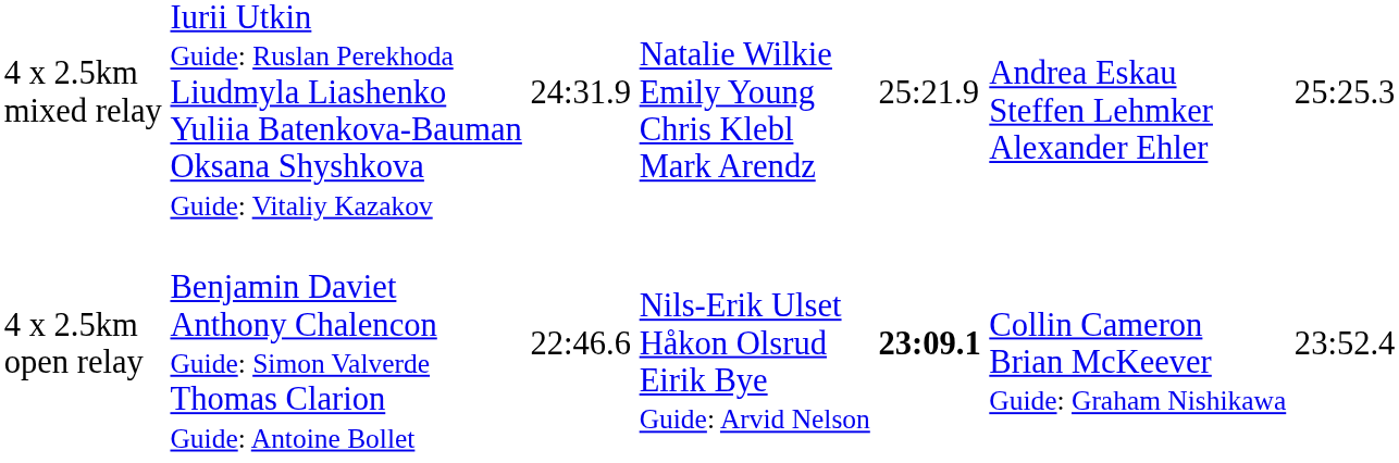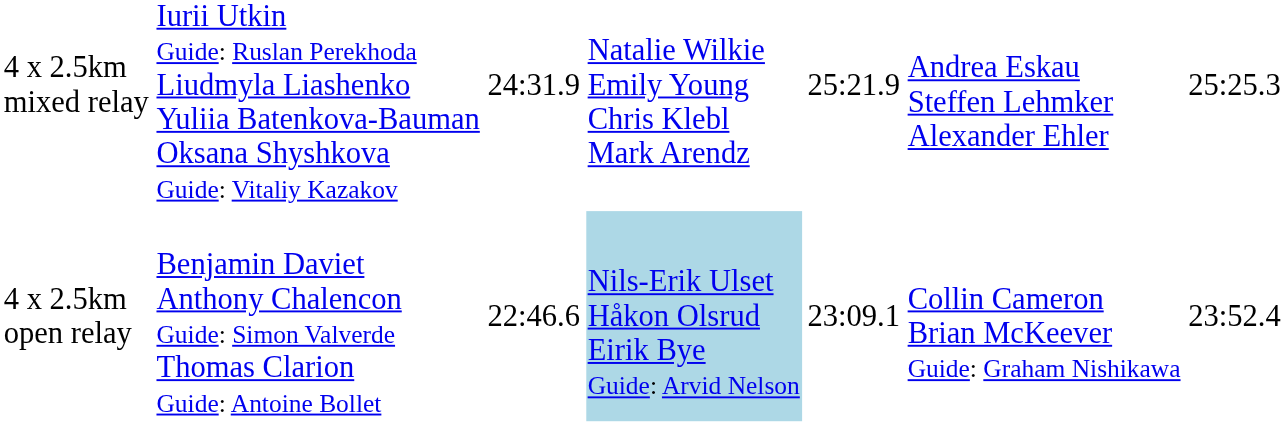 <table>
 <tr>
 <td>4 x 2.5km<br>mixed relay<br></td>
 <td><br><a href='#'>Iurii Utkin</a><br><small><a href='#'>Guide</a>: <a href='#'>Ruslan Perekhoda</a></small><br><a href='#'>Liudmyla Liashenko</a><br><a href='#'>Yuliia Batenkova-Bauman</a><br><a href='#'>Oksana Shyshkova</a><br><small><a href='#'>Guide</a>: <a href='#'>Vitaliy Kazakov</a></small></td>
 <td>24:31.9</td>
 <td><br><a href='#'>Natalie Wilkie</a><br><a href='#'>Emily Young</a><br><a href='#'>Chris Klebl</a><br><a href='#'>Mark Arendz</a></td>
 <td>25:21.9</td>
 <td><br><a href='#'>Andrea Eskau</a><br><a href='#'>Steffen Lehmker</a><br><a href='#'>Alexander Ehler</a></td>
 <td>25:25.3</td>
 </tr>
 <tr>
 <td>4 x 2.5km<br>open relay<br></td>
 <td><br><a href='#'>Benjamin Daviet</a><br><a href='#'>Anthony Chalencon</a><br><small><a href='#'>Guide</a>: <a href='#'>Simon Valverde</a></small><br><a href='#'>Thomas Clarion</a><br><small><a href='#'>Guide</a>: <a href='#'>Antoine Bollet</a></small></td>
 <td>22:46.6</td>
-<td><br><a href='#'>Nils-Erik Ulset</a><br><a href='#'>Håkon Olsrud</a><br><a href='#'>Eirik Bye</a><br><small><a href='#'>Guide</a>: <a href='#'>Arvid Nelson</a></small></td>
-<td><strong>23:09.1</strong></td>
+<td style="background: lightblue;"><br><a href='#'>Nils-Erik Ulset</a><br><a href='#'>Håkon Olsrud</a><br><a href='#'>Eirik Bye</a><br><small><a href='#'>Guide</a>: <a href='#'>Arvid Nelson</a></small></td>
+<td>23:09.1</td>
 <td><br><a href='#'>Collin Cameron</a><br><a href='#'>Brian McKeever</a><br><small><a href='#'>Guide</a>: <a href='#'>Graham Nishikawa</a></small></td>
 <td>23:52.4</td>
 </tr>
 </table>
